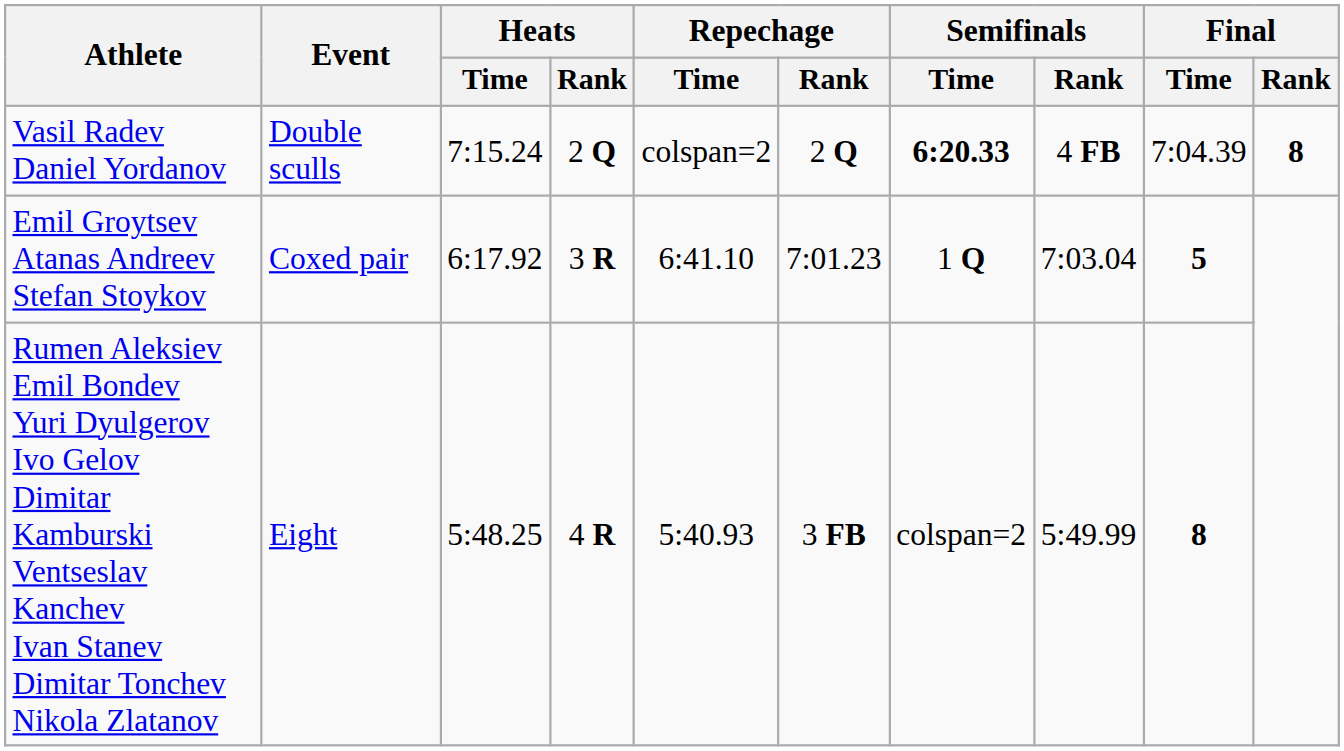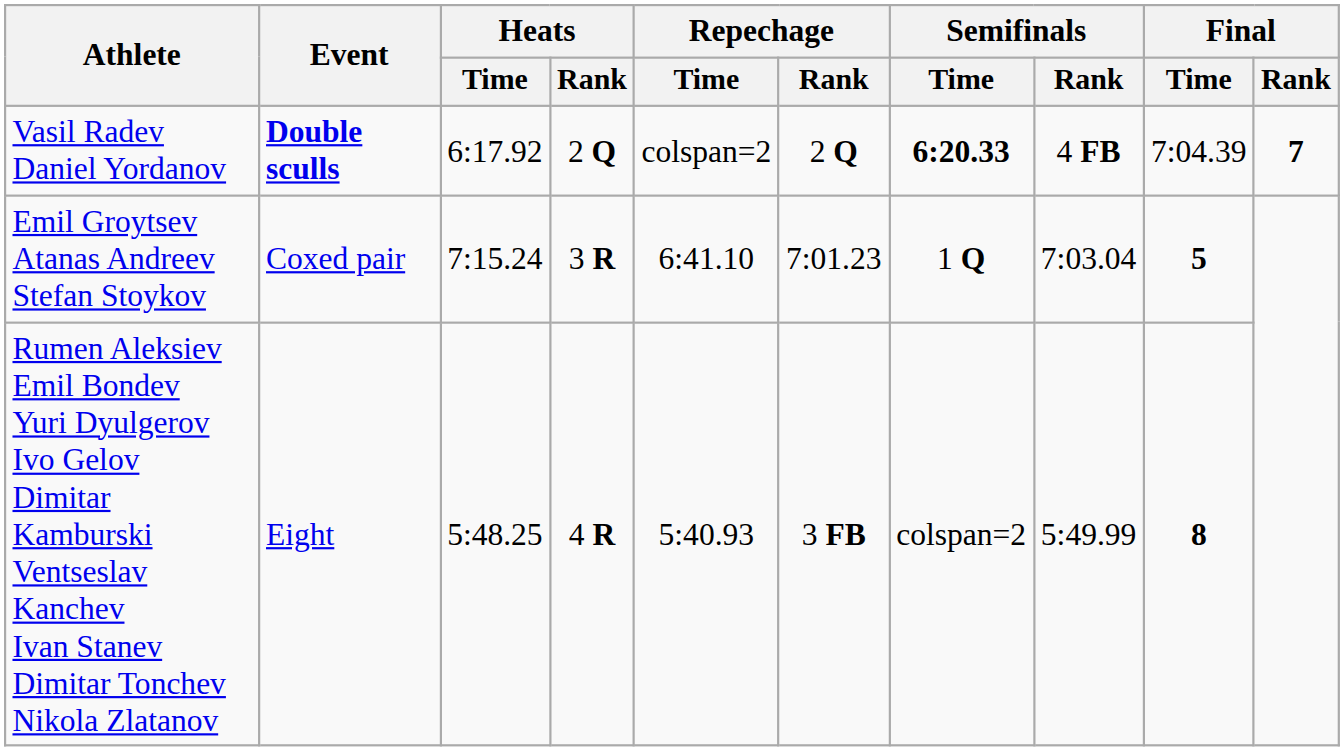 <table class="wikitable" style="font-size:90%; text-align:center;">
 <tr>
 <th rowspan="2">Athlete</th>
 <th rowspan="2">Event</th>
 <th colspan="2">Heats</th>
 <th colspan="2">Repechage</th>
 <th colspan="2">Semifinals</th>
 <th colspan="2">Final</th>
 </tr>
 <tr style="font-size:95%">
 <th>Time</th>
 <th>Rank</th>
 <th>Time</th>
 <th>Rank</th>
 <th>Time</th>
 <th>Rank</th>
 <th>Time</th>
 <th>Rank</th>
 </tr>
 <tr>
 <td align=left><a href='#'>Vasil Radev</a><br><a href='#'>Daniel Yordanov</a></td>
-<td align=left><a href='#'>Double sculls</a></td>
-<td>7:15.24</td>
+<td align=left><strong><a href='#'>Double sculls</a></strong></td>
+<td>6:17.92</td>
 <td>2 <strong>Q</strong></td>
 <td>colspan=2 </td>
 <td>2 <strong>Q</strong></td>
 <td><strong>6:20.33</strong></td>
 <td>4 <strong>FB</strong></td>
 <td>7:04.39</td>
-<td><strong>8</strong></td>
+<td><strong>7</strong></td>
 </tr>
 <tr>
 <td align=left><a href='#'>Emil Groytsev</a><br><a href='#'>Atanas Andreev</a><br><a href='#'>Stefan Stoykov</a></td>
 <td align=left><a href='#'>Coxed pair</a></td>
-<td>6:17.92</td>
+<td>7:15.24</td>
 <td>3 <strong>R</strong></td>
 <td>6:41.10</td>
 <td>7:01.23</td>
 <td>1 <strong>Q</strong></td>
 <td>7:03.04</td>
 <td><strong>5</strong></td>
 </tr>
 <tr>
 <td align=left><a href='#'>Rumen Aleksiev</a><br><a href='#'>Emil Bondev</a><br><a href='#'>Yuri Dyulgerov</a><br><a href='#'>Ivo Gelov</a><br><a href='#'>Dimitar Kamburski</a><br><a href='#'>Ventseslav Kanchev</a><br><a href='#'>Ivan Stanev</a><br><a href='#'>Dimitar Tonchev</a><br><a href='#'>Nikola Zlatanov</a></td>
 <td align=left><a href='#'>Eight</a></td>
 <td>5:48.25</td>
 <td>4 <strong>R</strong></td>
 <td>5:40.93</td>
 <td>3 <strong>FB</strong></td>
 <td>colspan=2 </td>
 <td>5:49.99</td>
 <td><strong>8</strong></td>
 </tr>
 </table>
